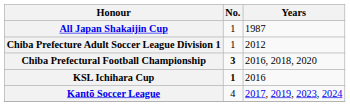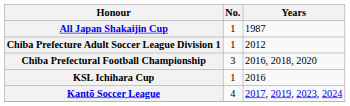 <table class="wikitable plainrowheaders">
 <tr>
 <th scope=col>Honour</th>
 <th scope=col>No.</th>
 <th scope=col>Years</th>
 </tr>
 <tr>
 <th scope=row><a href='#'>All Japan Shakaijin Cup</a></th>
 <td align="center">1</td>
 <td>1987</td>
 </tr>
 <tr>
 <th scope=row>Chiba Prefecture Adult Soccer League Division 1</th>
 <td align="center">1</td>
 <td>2012</td>
 </tr>
 <tr>
 <th scope=row>Chiba Prefectural Football Championship</th>
-<td align="center"><strong>3</strong></td>
+<td align="center">3</td>
 <td>2016, 2018, 2020</td>
 </tr>
 <tr>
 <th scope=row>KSL Ichihara Cup</th>
-<td align="center"><strong>1</strong></td>
+<td align="center">1</td>
 <td>2016</td>
 </tr>
 <tr>
 <th scope=row><a href='#'>Kantō Soccer League</a></th>
 <td align="center">4</td>
 <td><a href='#'>2017</a>, <a href='#'>2019</a>, <a href='#'>2023</a>, <a href='#'>2024</a></td>
 </tr>
 <tr>
 </tr>
 </table>
